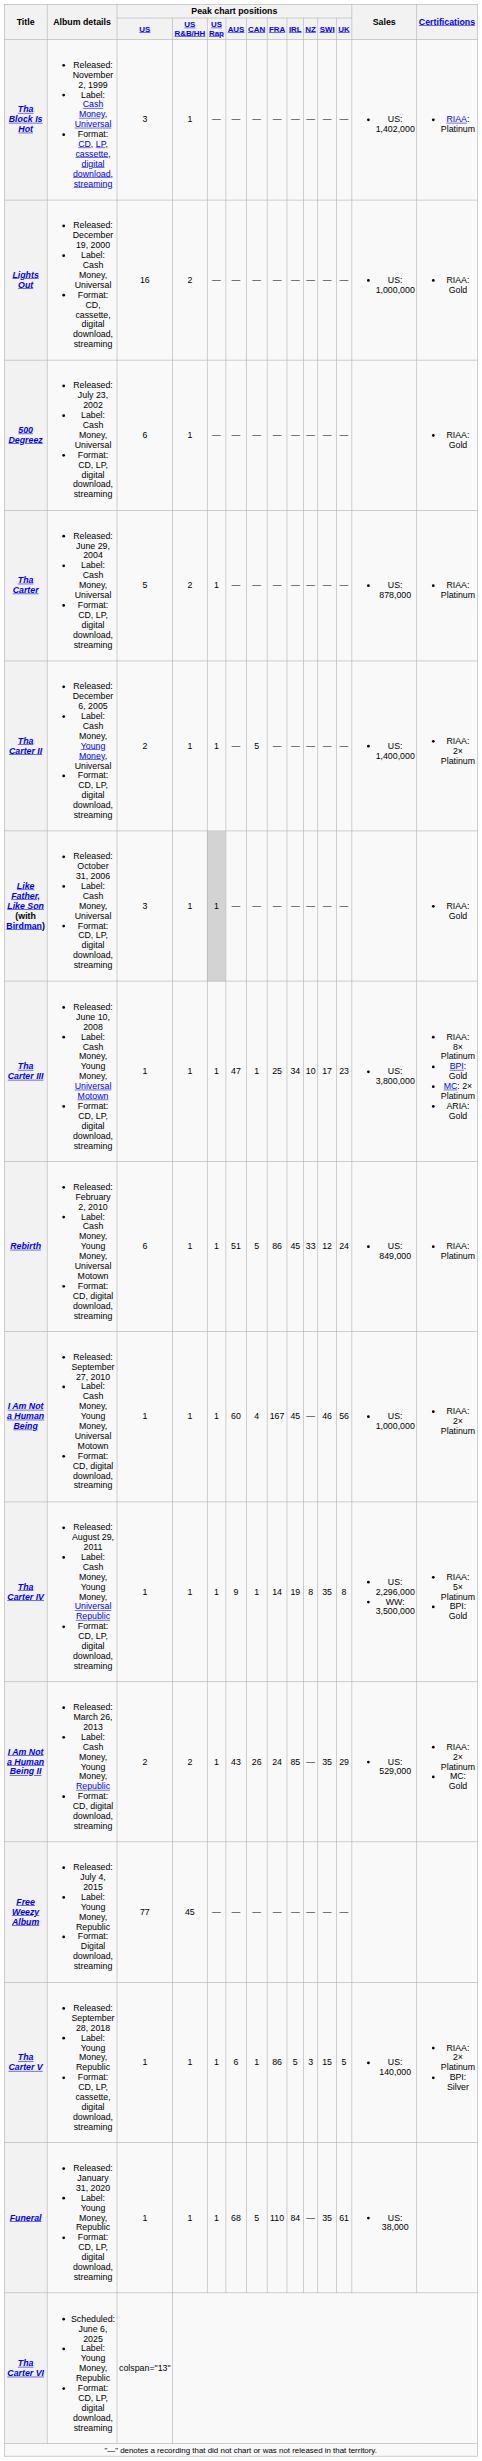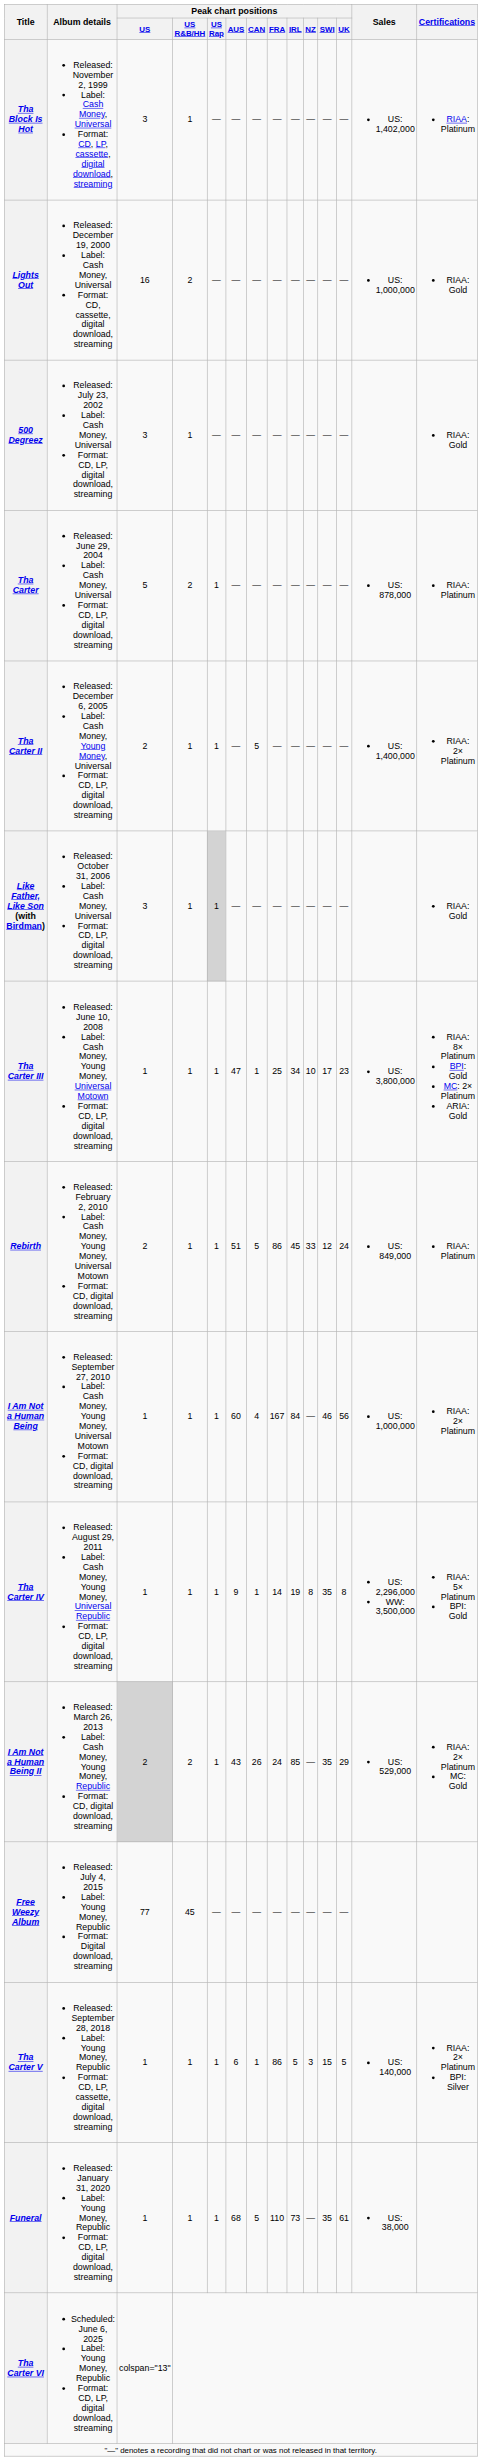 <table class="wikitable plainrowheaders" style="text-align:center;">
 <tr>
 <th scope="col" rowspan="2" style="width:15em;">Title</th>
 <th scope="col" rowspan="2" style="width:19.5em;">Album details</th>
 <th scope="col" colspan="10">Peak chart positions</th>
 <th scope="col" rowspan="2" style="width:10em;">Sales</th>
 <th scope="col" rowspan="2" style="width:12em;"><a href='#'>Certifications</a></th>
 </tr>
 <tr>
 <th scope="col" style="width:2.8em;font-size:90%;"><a href='#'>US</a><br></th>
 <th scope="col" style="width:2.8em;font-size:90%;"><a href='#'>US<br>R&B/HH</a><br></th>
 <th scope="col" style="width:2.8em;font-size:90%;"><a href='#'>US<br>Rap</a><br></th>
 <th scope="col" style="width:2.8em;font-size:90%;"><a href='#'>AUS</a><br></th>
 <th scope="col" style="width:2.8em;font-size:90%;"><a href='#'>CAN</a><br></th>
 <th scope="col" style="width:2.8em;font-size:90%;"><a href='#'>FRA</a><br></th>
 <th scope="col" style="width:2.8em;font-size:90%;"><a href='#'>IRL</a><br></th>
 <th scope="col" style="width:2.8em;font-size:90%;"><a href='#'>NZ</a><br></th>
 <th scope="col" style="width:2.8em;font-size:90%;"><a href='#'>SWI</a><br></th>
 <th scope="col" style="width:2.8em;font-size:90%;"><a href='#'>UK</a><br></th>
 </tr>
 <tr>
 <th scope="row"><em><a href='#'>Tha Block Is Hot</a></em></th>
 <td><br><ul><li>Released: November 2, 1999</li><li>Label: <a href='#'>Cash Money</a>, <a href='#'>Universal</a></li><li>Format: <a href='#'>CD</a>, <a href='#'>LP</a>, <a href='#'>cassette</a>, <a href='#'>digital download</a>, <a href='#'>streaming</a></li></ul></td>
 <td>3</td>
 <td>1</td>
 <td>—</td>
 <td>—</td>
 <td>—</td>
 <td>—</td>
 <td>—</td>
 <td>—</td>
 <td>—</td>
 <td>—</td>
 <td><br><ul><li>US: 1,402,000</li></ul></td>
 <td><br><ul><li><a href='#'>RIAA</a>: Platinum</li></ul></td>
 </tr>
 <tr>
 <th scope="row"><em><a href='#'>Lights Out</a></em></th>
 <td><br><ul><li>Released: December 19, 2000</li><li>Label: Cash Money, Universal</li><li>Format: CD, cassette, digital download, streaming</li></ul></td>
 <td>16</td>
 <td>2</td>
 <td>—</td>
 <td>—</td>
 <td>—</td>
 <td>—</td>
 <td>—</td>
 <td>—</td>
 <td>—</td>
 <td>—</td>
 <td><br><ul><li>US: 1,000,000</li></ul></td>
 <td><br><ul><li>RIAA: Gold</li></ul></td>
 </tr>
 <tr>
 <th scope="row"><em><a href='#'>500 Degreez</a></em></th>
 <td><br><ul><li>Released: July 23, 2002</li><li>Label: Cash Money, Universal</li><li>Format: CD, LP, digital download, streaming</li></ul></td>
-<td>6</td>
+<td>3</td>
 <td>1</td>
 <td>—</td>
 <td>—</td>
 <td>—</td>
 <td>—</td>
 <td>—</td>
 <td>—</td>
 <td>—</td>
 <td>—</td>
 <td></td>
 <td><br><ul><li>RIAA: Gold</li></ul></td>
 </tr>
 <tr>
 <th scope="row"><em><a href='#'>Tha Carter</a></em></th>
 <td><br><ul><li>Released: June 29, 2004</li><li>Label: Cash Money, Universal</li><li>Format: CD, LP, digital download, streaming</li></ul></td>
 <td>5</td>
 <td>2</td>
 <td>1</td>
 <td>—</td>
 <td>—</td>
 <td>—</td>
 <td>—</td>
 <td>—</td>
 <td>—</td>
 <td>—</td>
 <td><br><ul><li>US: 878,000</li></ul></td>
 <td><br><ul><li>RIAA: Platinum</li></ul></td>
 </tr>
 <tr>
 <th scope="row"><em><a href='#'>Tha Carter II</a></em></th>
 <td><br><ul><li>Released: December 6, 2005</li><li>Label: Cash Money, <a href='#'>Young Money</a>, Universal</li><li>Format: CD, LP, digital download, streaming</li></ul></td>
 <td>2</td>
 <td>1</td>
 <td>1</td>
 <td>—</td>
 <td>5</td>
 <td>—</td>
 <td>—</td>
 <td>—</td>
 <td>—</td>
 <td>—</td>
 <td><br><ul><li>US: 1,400,000</li></ul></td>
 <td><br><ul><li>RIAA: 2× Platinum</li></ul></td>
 </tr>
 <tr>
 <th scope="row"><em><a href='#'>Like Father, Like Son</a></em><br><span>(with <a href='#'>Birdman</a>)</span></th>
 <td><br><ul><li>Released: October 31, 2006</li><li>Label: Cash Money, Universal</li><li>Format: CD, LP, digital download, streaming</li></ul></td>
 <td>3</td>
 <td>1</td>
 <td style="background: lightgrey;">1</td>
 <td>—</td>
 <td>—</td>
 <td>—</td>
 <td>—</td>
 <td>—</td>
 <td>—</td>
 <td>—</td>
 <td></td>
 <td><br><ul><li>RIAA: Gold</li></ul></td>
 </tr>
 <tr>
 <th scope="row"><em><a href='#'>Tha Carter III</a></em></th>
 <td><br><ul><li>Released: June 10, 2008</li><li>Label: Cash Money, Young Money, <a href='#'>Universal Motown</a></li><li>Format: CD, LP, digital download, streaming</li></ul></td>
 <td>1</td>
 <td>1</td>
 <td>1</td>
 <td>47</td>
 <td>1</td>
 <td>25</td>
 <td>34</td>
 <td>10</td>
 <td>17</td>
 <td>23</td>
 <td><br><ul><li>US: 3,800,000</li></ul></td>
 <td><br><ul><li>RIAA: 8× Platinum</li><li><a href='#'>BPI</a>: Gold</li><li><a href='#'>MC</a>: 2× Platinum</li><li>ARIA: Gold</li></ul></td>
 </tr>
 <tr>
 <th scope="row"><em><a href='#'>Rebirth</a></em></th>
 <td><br><ul><li>Released: February 2, 2010</li><li>Label: Cash Money, Young Money, Universal Motown</li><li>Format: CD, digital download, streaming</li></ul></td>
-<td>6</td>
+<td>2</td>
 <td>1</td>
 <td>1</td>
 <td>51</td>
 <td>5</td>
 <td>86</td>
 <td>45</td>
 <td>33</td>
 <td>12</td>
 <td>24</td>
 <td><br><ul><li>US: 849,000</li></ul></td>
 <td><br><ul><li>RIAA: Platinum</li></ul></td>
 </tr>
 <tr>
 <th scope="row"><em><a href='#'>I Am Not a Human Being</a></em></th>
 <td><br><ul><li>Released: September 27, 2010</li><li>Label: Cash Money, Young Money, Universal Motown</li><li>Format: CD, digital download, streaming</li></ul></td>
 <td>1</td>
 <td>1</td>
 <td>1</td>
 <td>60</td>
 <td>4</td>
 <td>167</td>
-<td>45</td>
+<td>84</td>
 <td>—</td>
 <td>46</td>
 <td>56</td>
 <td><br><ul><li>US: 1,000,000</li></ul></td>
 <td><br><ul><li>RIAA: 2× Platinum</li></ul></td>
 </tr>
 <tr>
 <th scope="row"><em><a href='#'>Tha Carter IV</a></em></th>
 <td><br><ul><li>Released: August 29, 2011</li><li>Label: Cash Money, Young Money, <a href='#'>Universal Republic</a></li><li>Format: CD, LP, digital download, streaming</li></ul></td>
 <td>1</td>
 <td>1</td>
 <td>1</td>
 <td>9</td>
 <td>1</td>
 <td>14</td>
 <td>19</td>
 <td>8</td>
 <td>35</td>
 <td>8</td>
 <td><br><ul><li>US: 2,296,000</li><li>WW: 3,500,000</li></ul></td>
 <td><br><ul><li>RIAA: 5× Platinum</li><li>BPI: Gold</li></ul></td>
 </tr>
 <tr>
 <th scope="row"><em><a href='#'>I Am Not a Human Being II</a></em></th>
 <td><br><ul><li>Released: March 26, 2013</li><li>Label: Cash Money, Young Money, <a href='#'>Republic</a></li><li>Format: CD, digital download, streaming</li></ul></td>
-<td>2</td>
+<td style="background: lightgrey;">2</td>
 <td>2</td>
 <td>1</td>
 <td>43</td>
 <td>26</td>
 <td>24</td>
 <td>85</td>
 <td>—</td>
 <td>35</td>
 <td>29</td>
 <td><br><ul><li>US: 529,000</li></ul></td>
 <td><br><ul><li>RIAA: 2× Platinum</li><li>MC: Gold</li></ul></td>
 </tr>
 <tr>
 <th scope="row"><em><a href='#'>Free Weezy Album</a></em></th>
 <td><br><ul><li>Released: July 4, 2015</li><li>Label: Young Money, Republic</li><li>Format: Digital download, streaming</li></ul></td>
 <td>77</td>
 <td>45</td>
 <td>—</td>
 <td>—</td>
 <td>—</td>
 <td>—</td>
 <td>—</td>
 <td>—</td>
 <td>—</td>
 <td>—</td>
 <td></td>
 <td></td>
 </tr>
 <tr>
 <th scope="row"><em><a href='#'>Tha Carter V</a></em></th>
 <td><br><ul><li>Released: September 28, 2018</li><li>Label: Young Money, Republic</li><li>Format: CD, LP, cassette, digital download, streaming</li></ul></td>
 <td>1</td>
 <td>1</td>
 <td>1</td>
 <td>6</td>
 <td>1</td>
 <td>86</td>
 <td>5</td>
 <td>3</td>
 <td>15</td>
 <td>5</td>
 <td><br><ul><li>US: 140,000 <br></li></ul></td>
 <td><br><ul><li>RIAA: 2× Platinum</li><li>BPI: Silver</li></ul></td>
 </tr>
 <tr>
 <th scope="row"><em><a href='#'>Funeral</a></em></th>
 <td><br><ul><li>Released: January 31, 2020</li><li>Label: Young Money, Republic</li><li>Format: CD, LP, digital download, streaming</li></ul></td>
 <td>1</td>
 <td>1</td>
 <td>1</td>
 <td>68</td>
 <td>5</td>
 <td>110</td>
-<td>84</td>
+<td>73</td>
 <td>—</td>
 <td>35</td>
 <td>61</td>
 <td><br><ul><li>US: 38,000 <br></li></ul></td>
 <td></td>
 </tr>
 <tr>
 <th scope="row"><em><a href='#'>Tha Carter VI</a></em></th>
 <td><br><ul><li>Scheduled: June 6, 2025</li><li>Label: Young Money, Republic</li><li>Format: CD, LP, digital download, streaming</li></ul></td>
 <td>colspan="13" </td>
 </tr>
 <tr>
 <td colspan="15" style="font-size:90%">"—" denotes a recording that did not chart or was not released in that territory.</td>
 </tr>
 </table>
